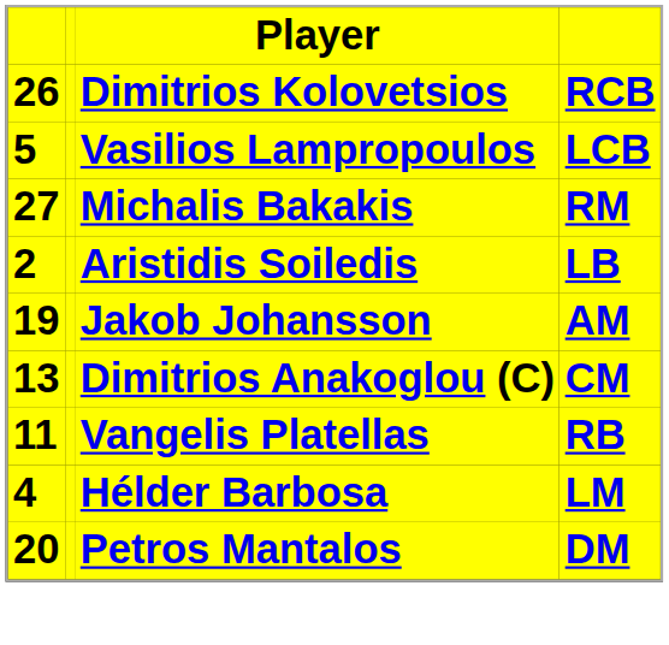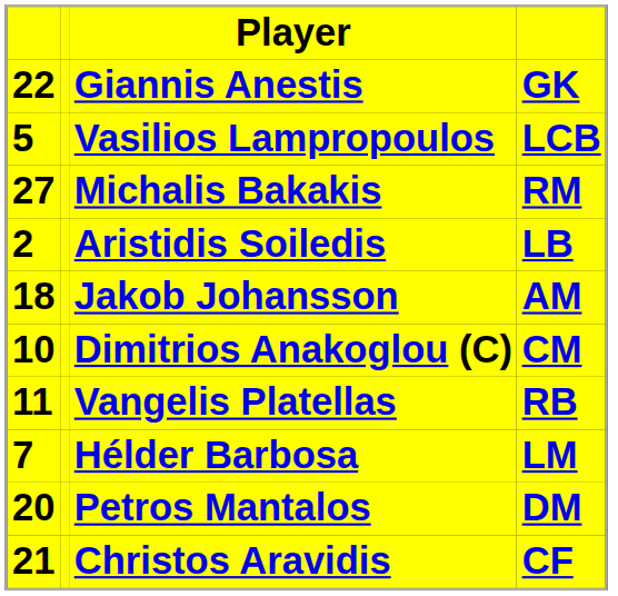 <table class="toccolours" border="0" cellpadding="2" cellspacing="0" align="center" style="margin: 0.5em 0 1em 1em; background: #000000; border: 1px #aaaaaa solid;">
 <tr style="background:#ff0;">
 <th></th>
 <th></th>
 <th>Player</th>
 <th></th>
 </tr>
 <tr style="background:#ff0;">
-<td><strong>26</strong></td>
+<td><strong>22</strong></td>
 <td></td>
-<td><a href='#'><span><strong>Dimitrios Kolovetsios</strong></span></a></td>
-<td><a href='#'><strong>RCB</strong></a></td>
+<td><a href='#'><span><strong>Giannis Anestis</strong></span></a></td>
+<td><a href='#'><strong>GK</strong></a></td>
 </tr>
 <tr style="background:#ff0;">
 <td><strong>5</strong></td>
 <td></td>
 <td><a href='#'><span><strong>Vasilios Lampropoulos</strong></span></a></td>
 <td><a href='#'><strong>LCB</strong></a></td>
 </tr>
 <tr style="background:#ff0;">
 <td><strong>27</strong></td>
 <td></td>
 <td><a href='#'><span><strong>Michalis Bakakis</strong></span></a></td>
 <td><a href='#'><strong>RM</strong></a></td>
 </tr>
 <tr style="background:#ff0;">
 <td><strong>2</strong></td>
 <td></td>
 <td><a href='#'><span><strong>Aristidis Soiledis</strong></span></a></td>
 <td><a href='#'><strong>LB</strong></a></td>
 </tr>
 <tr style="background:#ff0;">
-<td><strong>19</strong></td>
+<td><strong>18</strong></td>
 <td></td>
 <td><a href='#'><span><strong>Jakob Johansson</strong></span></a></td>
 <td><a href='#'><strong>AM</strong></a></td>
 </tr>
 <tr style="background:#ff0;">
-<td><strong>13</strong></td>
+<td><strong>10</strong></td>
 <td></td>
 <td><a href='#'><span><strong>Dimitrios Anakoglou</strong></span></a> <strong>(C)</strong></td>
 <td><a href='#'><strong>CM</strong></a></td>
 </tr>
 <tr style="background:#ff0;">
 <td><strong>11</strong></td>
 <td></td>
 <td><a href='#'><span><strong>Vangelis Platellas</strong></span></a></td>
 <td><a href='#'><strong>RB</strong></a></td>
 </tr>
 <tr style="background:#ff0;">
-<td><strong>4</strong></td>
+<td><strong>7</strong></td>
 <td></td>
 <td><a href='#'><span><strong>Hélder Barbosa</strong></span></a></td>
 <td><a href='#'><strong>LM</strong></a></td>
 </tr>
 <tr style="background:#ff0;">
 <td><strong>20</strong></td>
 <td></td>
 <td><a href='#'><span><strong>Petros Mantalos</strong></span></a></td>
 <td><a href='#'><strong>DM</strong></a></td>
 </tr>
+<tr style="background:#ff0;">
+<td><strong>21</strong></td>
+<td></td>
+<td><a href='#'><span><strong>Christos Aravidis</strong></span></a></td>
+<td><a href='#'><strong>CF</strong></a></td>
+</tr>
 </table>
